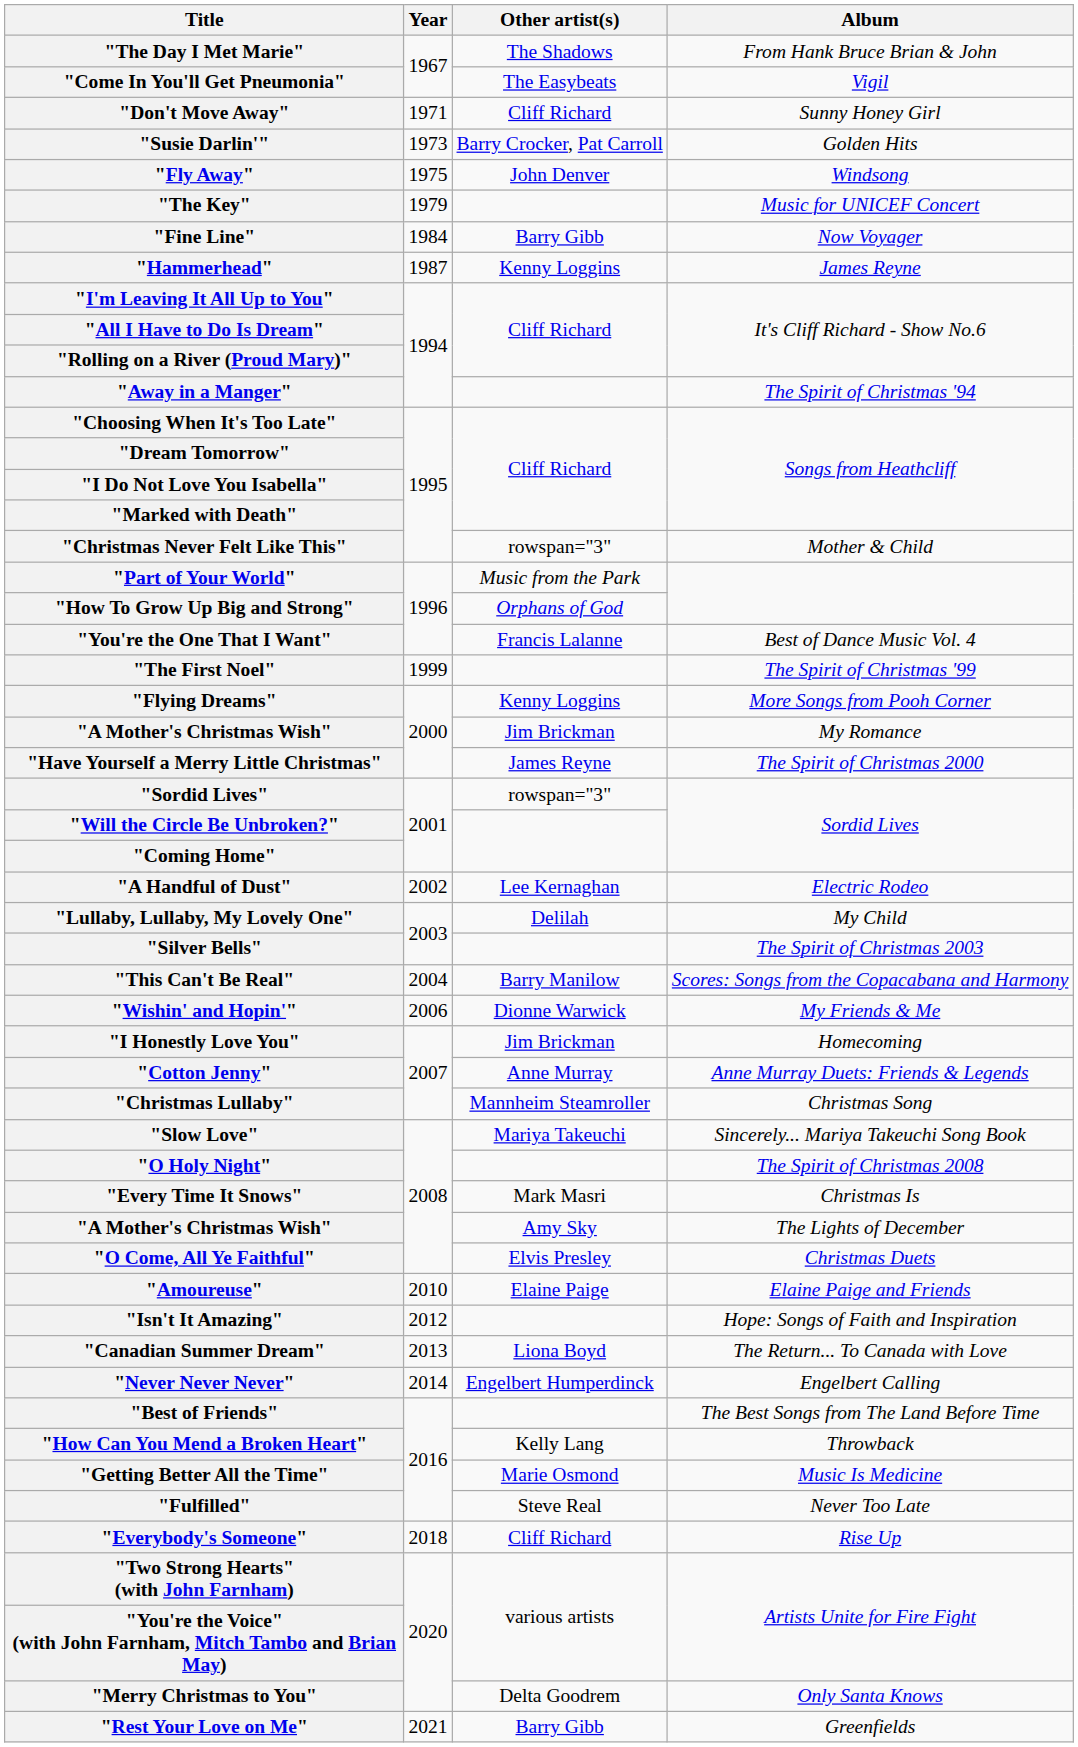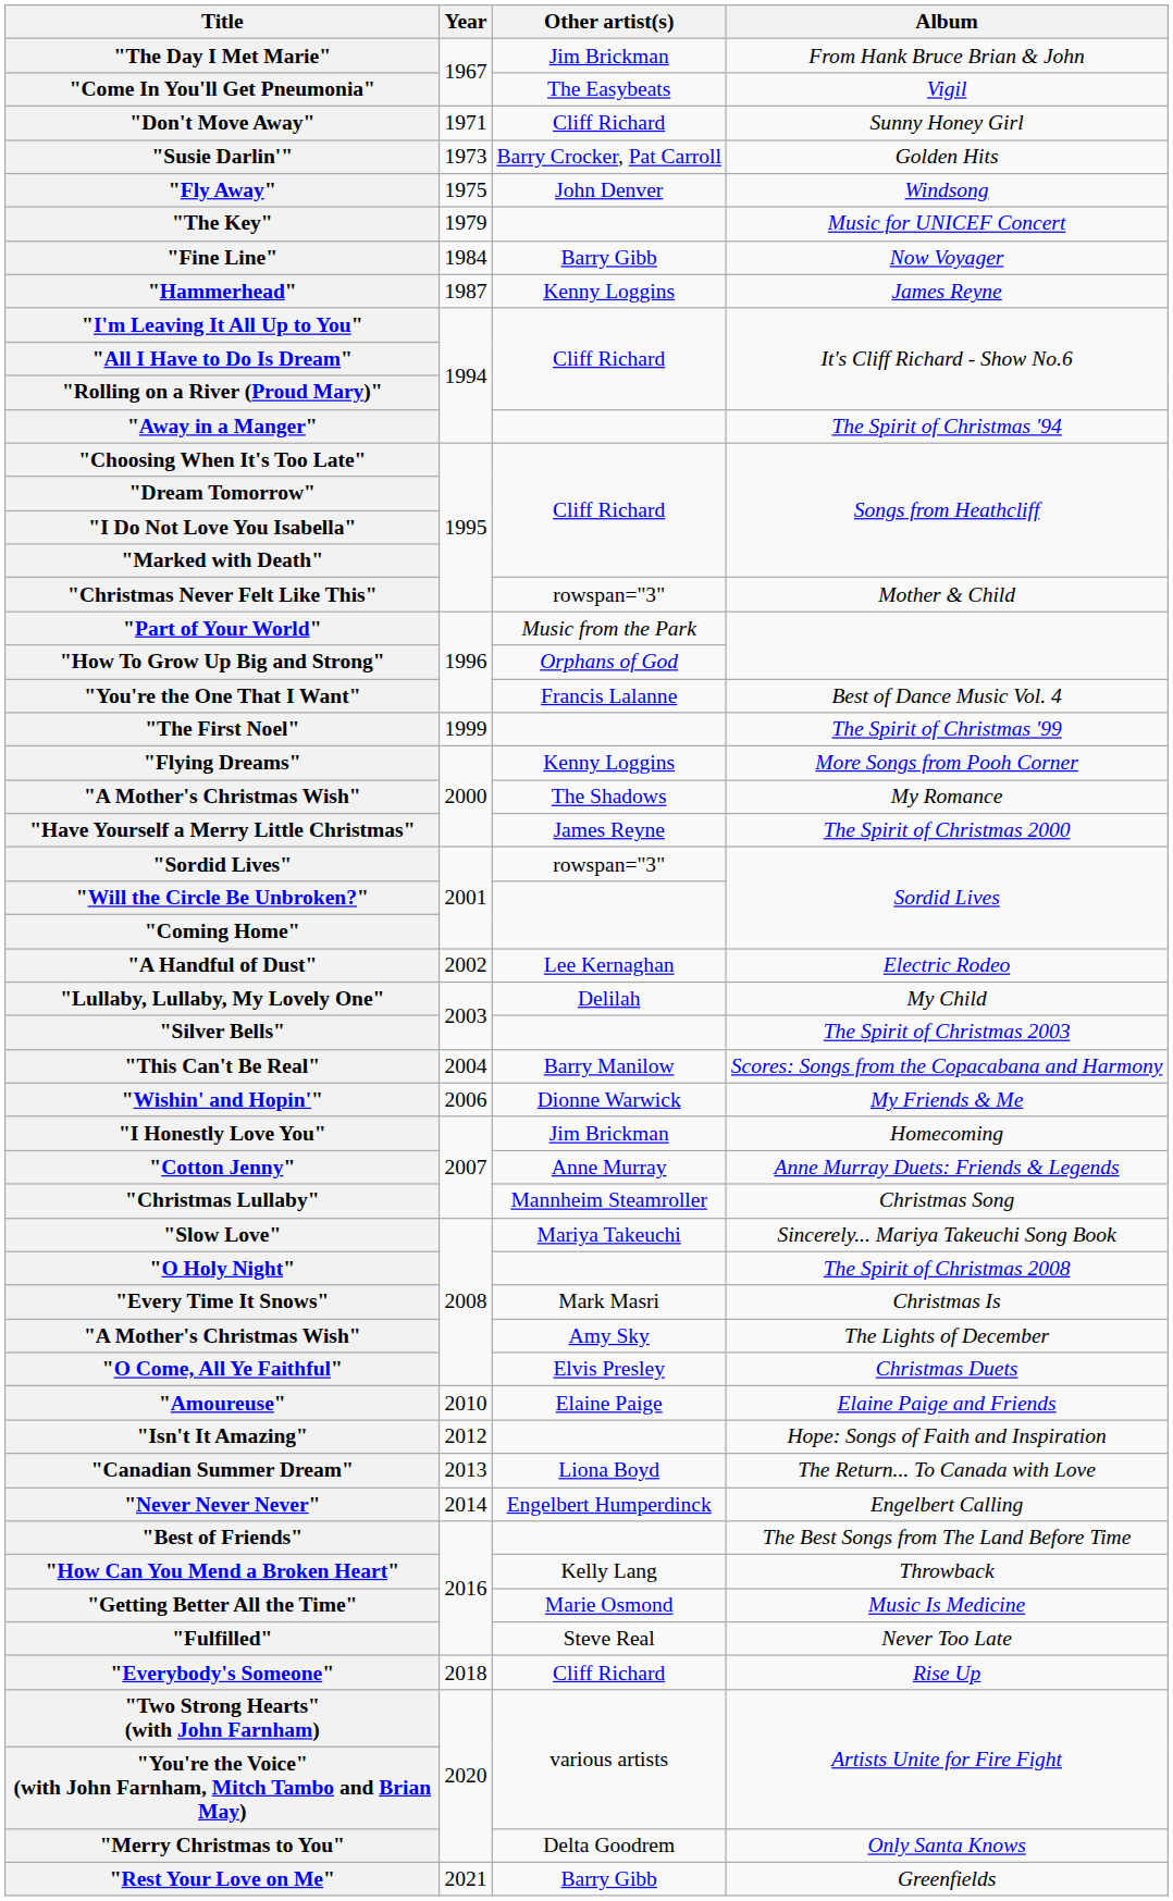 <table class="wikitable plainrowheaders" style="text-align:center;">
 <tr>
 <th scope="col" style="width:20em;">Title</th>
 <th scope="col">Year</th>
 <th scope="col">Other artist(s)</th>
 <th scope="col">Album</th>
 </tr>
 <tr>
 <th scope="row">"The Day I Met Marie"</th>
 <td rowspan="2">1967</td>
-<td><a href='#'>The Shadows</a></td>
+<td><a href='#'>Jim Brickman</a></td>
 <td><em>From Hank Bruce Brian & John</em></td>
 </tr>
 <tr>
 <th scope="row">"Come In You'll Get Pneumonia"</th>
 <td><a href='#'>The Easybeats</a></td>
 <td><em><a href='#'>Vigil</a></em></td>
 </tr>
 <tr>
 <th scope="row">"Don't Move Away"</th>
 <td>1971</td>
 <td><a href='#'>Cliff Richard</a></td>
 <td><em>Sunny Honey Girl</em></td>
 </tr>
 <tr>
 <th scope="row">"Susie Darlin'"</th>
 <td>1973</td>
 <td><a href='#'>Barry Crocker</a>, <a href='#'>Pat Carroll</a></td>
 <td><em>Golden Hits</em></td>
 </tr>
 <tr>
 <th scope="row">"<a href='#'>Fly Away</a>"</th>
 <td>1975</td>
 <td><a href='#'>John Denver</a></td>
 <td><em><a href='#'>Windsong</a></em></td>
 </tr>
 <tr>
 <th scope="row">"The Key"</th>
 <td>1979</td>
 <td></td>
 <td><em><a href='#'>Music for UNICEF Concert</a></em></td>
 </tr>
 <tr>
 <th scope="row">"Fine Line"</th>
 <td>1984</td>
 <td><a href='#'>Barry Gibb</a></td>
 <td><em><a href='#'>Now Voyager</a></em></td>
 </tr>
 <tr>
 <th scope="row">"<a href='#'>Hammerhead</a>"</th>
 <td>1987</td>
 <td><a href='#'>Kenny Loggins</a></td>
 <td><em><a href='#'>James Reyne</a></em></td>
 </tr>
 <tr>
 <th scope="row">"<a href='#'>I'm Leaving It All Up to You</a>"</th>
 <td rowspan="4">1994</td>
 <td rowspan="3"><a href='#'>Cliff Richard</a></td>
 <td rowspan="3"><em>It's Cliff Richard - Show No.6</em></td>
 </tr>
 <tr>
 <th scope="row">"<a href='#'>All I Have to Do Is Dream</a>"</th>
 </tr>
 <tr>
 <th scope="row">"Rolling on a River (<a href='#'>Proud Mary</a>)"</th>
 </tr>
 <tr>
 <th scope="row">"<a href='#'>Away in a Manger</a>"</th>
 <td></td>
 <td><em><a href='#'>The Spirit of Christmas '94</a></em></td>
 </tr>
 <tr>
 <th scope="row">"Choosing When It's Too Late"</th>
 <td rowspan="5">1995</td>
 <td rowspan="4"><a href='#'>Cliff Richard</a></td>
 <td rowspan="4"><em><a href='#'>Songs from Heathcliff</a></em></td>
 </tr>
 <tr>
 <th scope="row">"Dream Tomorrow"</th>
 </tr>
 <tr>
 <th scope="row">"I Do Not Love You Isabella"</th>
 </tr>
 <tr>
 <th scope="row">"Marked with Death"</th>
 </tr>
 <tr>
 <th scope="row">"Christmas Never Felt Like This"</th>
 <td>rowspan="3" </td>
 <td><em>Mother & Child</em></td>
 </tr>
 <tr>
 <th scope="row">"<a href='#'>Part of Your World</a>"</th>
 <td rowspan="3">1996</td>
 <td><em>Music from the Park</em></td>
 </tr>
 <tr>
 <th scope="row">"How To Grow Up Big and Strong"</th>
 <td><em><a href='#'>Orphans of God</a></em></td>
 </tr>
 <tr>
 <th scope="row">"You're the One That I Want"</th>
 <td><a href='#'>Francis Lalanne</a></td>
 <td><em>Best of Dance Music Vol. 4</em></td>
 </tr>
 <tr>
 <th scope="row">"The First Noel"</th>
 <td>1999</td>
 <td></td>
 <td><em><a href='#'>The Spirit of Christmas '99</a></em></td>
 </tr>
 <tr>
 <th scope="row">"Flying Dreams"</th>
 <td rowspan="3">2000</td>
 <td><a href='#'>Kenny Loggins</a></td>
 <td><em><a href='#'>More Songs from Pooh Corner</a></em></td>
 </tr>
 <tr>
 <th scope="row">"A Mother's Christmas Wish"</th>
-<td><a href='#'>Jim Brickman</a></td>
+<td><a href='#'>The Shadows</a></td>
 <td><em>My Romance</em></td>
 </tr>
 <tr>
 <th scope="row">"Have Yourself a Merry Little Christmas"</th>
 <td><a href='#'>James Reyne</a></td>
 <td><em><a href='#'>The Spirit of Christmas 2000</a></em></td>
 </tr>
 <tr>
 <th scope="row">"Sordid Lives"</th>
 <td rowspan="3">2001</td>
 <td>rowspan="3" </td>
 <td rowspan="3"><em><a href='#'>Sordid Lives</a></em></td>
 </tr>
 <tr>
 <th scope="row">"<a href='#'>Will the Circle Be Unbroken?</a>"</th>
 </tr>
 <tr>
 <th scope="row">"Coming Home"</th>
 </tr>
 <tr>
 <th scope="row">"A Handful of Dust"</th>
 <td>2002</td>
 <td><a href='#'>Lee Kernaghan</a></td>
 <td><em><a href='#'>Electric Rodeo</a></em></td>
 </tr>
 <tr>
 <th scope="row">"Lullaby, Lullaby, My Lovely One"</th>
 <td rowspan="2">2003</td>
 <td><a href='#'>Delilah</a></td>
 <td><em>My Child</em></td>
 </tr>
 <tr>
 <th scope="row">"Silver Bells"</th>
 <td></td>
 <td><em><a href='#'>The Spirit of Christmas 2003</a></em></td>
 </tr>
 <tr>
 <th scope="row">"This Can't Be Real"</th>
 <td>2004</td>
 <td><a href='#'>Barry Manilow</a></td>
 <td><em><a href='#'>Scores: Songs from the Copacabana and Harmony</a></em></td>
 </tr>
 <tr>
 <th scope="row">"<a href='#'>Wishin' and Hopin'</a>"</th>
 <td>2006</td>
 <td><a href='#'>Dionne Warwick</a></td>
 <td><em><a href='#'>My Friends & Me</a></em></td>
 </tr>
 <tr>
 <th scope="row">"I Honestly Love You"</th>
 <td rowspan="3">2007</td>
 <td><a href='#'>Jim Brickman</a></td>
 <td><em>Homecoming</em></td>
 </tr>
 <tr>
 <th scope="row">"<a href='#'>Cotton Jenny</a>"</th>
 <td><a href='#'>Anne Murray</a></td>
 <td><em><a href='#'>Anne Murray Duets: Friends & Legends</a></em></td>
 </tr>
 <tr>
 <th scope="row">"Christmas Lullaby"</th>
 <td><a href='#'>Mannheim Steamroller</a></td>
 <td><em>Christmas Song</em></td>
 </tr>
 <tr>
 <th scope="row">"Slow Love"</th>
 <td rowspan="5">2008</td>
 <td><a href='#'>Mariya Takeuchi</a></td>
 <td><em>Sincerely... Mariya Takeuchi Song Book</em></td>
 </tr>
 <tr>
 <th scope="row">"<a href='#'>O Holy Night</a>"</th>
 <td></td>
 <td><em><a href='#'>The Spirit of Christmas 2008</a></em></td>
 </tr>
 <tr>
 <th scope="row">"Every Time It Snows"</th>
 <td>Mark Masri</td>
 <td><em>Christmas Is</em></td>
 </tr>
 <tr>
 <th scope="row">"A Mother's Christmas Wish"</th>
 <td><a href='#'>Amy Sky</a></td>
 <td><em>The Lights of December</em></td>
 </tr>
 <tr>
 <th scope="row">"<a href='#'>O Come, All Ye Faithful</a>"</th>
 <td><a href='#'>Elvis Presley</a></td>
 <td><em><a href='#'>Christmas Duets</a></em></td>
 </tr>
 <tr>
 <th scope="row">"<a href='#'>Amoureuse</a>"</th>
 <td>2010</td>
 <td><a href='#'>Elaine Paige</a></td>
 <td><em><a href='#'>Elaine Paige and Friends</a></em></td>
 </tr>
 <tr>
 <th scope="row">"Isn't It Amazing"</th>
 <td>2012</td>
 <td></td>
 <td><em>Hope: Songs of Faith and Inspiration</em></td>
 </tr>
 <tr>
 <th scope="row">"Canadian Summer Dream"</th>
 <td>2013</td>
 <td><a href='#'>Liona Boyd</a></td>
 <td><em>The Return... To Canada with Love</em></td>
 </tr>
 <tr>
 <th scope="row">"<a href='#'>Never Never Never</a>"</th>
 <td>2014</td>
 <td><a href='#'>Engelbert Humperdinck</a></td>
 <td><em>Engelbert Calling</em></td>
 </tr>
 <tr>
 <th scope="row">"Best of Friends"</th>
 <td rowspan="4">2016</td>
 <td></td>
 <td><em>The Best Songs from The Land Before Time</em></td>
 </tr>
 <tr>
 <th scope="row">"<a href='#'>How Can You Mend a Broken Heart</a>"</th>
 <td>Kelly Lang</td>
 <td><em>Throwback</em></td>
 </tr>
 <tr>
 <th scope="row">"Getting Better All the Time"</th>
 <td><a href='#'>Marie Osmond</a></td>
 <td><em><a href='#'>Music Is Medicine</a></em></td>
 </tr>
 <tr>
 <th scope="row">"Fulfilled"</th>
 <td>Steve Real</td>
 <td><em>Never Too Late</em></td>
 </tr>
 <tr>
 <th scope="row">"<a href='#'>Everybody's Someone</a>"</th>
 <td>2018</td>
 <td><a href='#'>Cliff Richard</a></td>
 <td><em><a href='#'>Rise Up</a></em></td>
 </tr>
 <tr>
 <th scope="row">"Two Strong Hearts" <br> (with <a href='#'>John Farnham</a>)</th>
 <td rowspan="3">2020</td>
 <td rowspan="2">various artists</td>
 <td rowspan="2"><em><a href='#'>Artists Unite for Fire Fight</a></em></td>
 </tr>
 <tr>
 <th scope="row">"You're the Voice" <br> (with John Farnham, <a href='#'>Mitch Tambo</a> and <a href='#'>Brian May</a>)</th>
 </tr>
 <tr>
 <th scope="row">"Merry Christmas to You"</th>
 <td>Delta Goodrem</td>
 <td><em><a href='#'>Only Santa Knows</a></em></td>
 </tr>
 <tr>
 <th scope="row">"<a href='#'>Rest Your Love on Me</a>"</th>
 <td>2021</td>
 <td><a href='#'>Barry Gibb</a></td>
 <td><em>Greenfields</em></td>
 </tr>
 </table>
